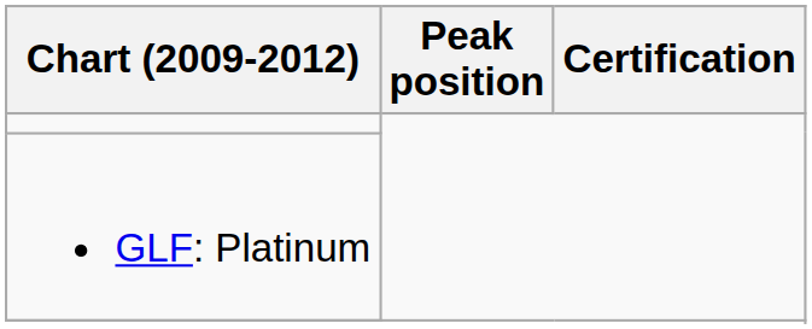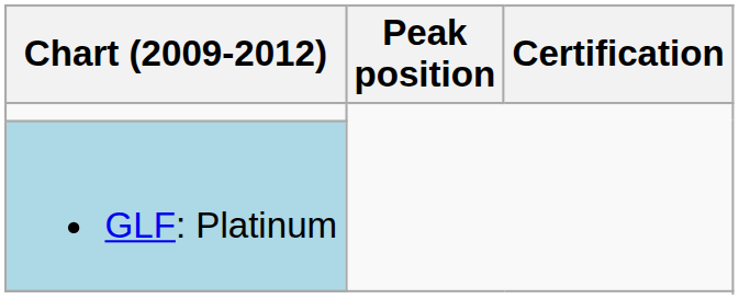 <table class="wikitable sortable">
 <tr>
 <th>Chart (2009-2012)</th>
 <th>Peak<br>position</th>
 <th>Certification</th>
 </tr>
 <tr>
 <td></td>
 </tr>
 <tr>
-<td><br><ul><li><a href='#'>GLF</a>: Platinum</li></ul></td>
+<td style="background: lightblue;"><br><ul><li><a href='#'>GLF</a>: Platinum</li></ul></td>
 </tr>
 <tr>
 </tr>
 </table>
